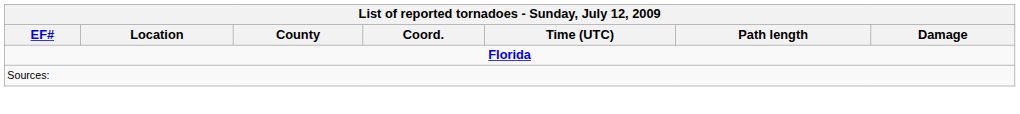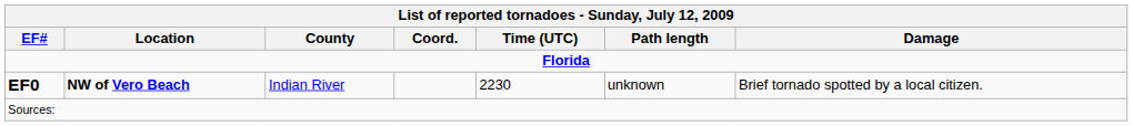 <table class="wikitable collapsible" style="width:100%;">
 <tr>
 <th colspan="7">List of reported tornadoes - Sunday, July 12, 2009</th>
 </tr>
 <tr>
 <th><a href='#'>EF#</a></th>
 <th>Location</th>
 <th>County</th>
 <th>Coord.</th>
 <th>Time (UTC)</th>
 <th>Path length</th>
 <th>Damage</th>
 </tr>
 <tr>
 <td colspan="7" style="text-align:center;"><strong><a href='#'>Florida</a></strong></td>
 </tr>
 <tr>
+<td><big><strong>EF0</strong></big></td>
+<td><strong>NW of <a href='#'>Vero Beach</a></strong></td>
+<td><a href='#'>Indian River</a></td>
+<td></td>
+<td>2230</td>
+<td>unknown</td>
+<td>Brief tornado spotted by a local citizen.</td>
+</tr>
+<tr>
 <td colspan="7"><small>Sources: </small></td>
 </tr>
 </table>
